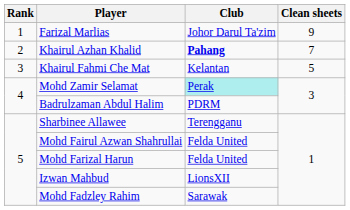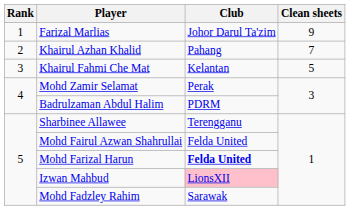 <table class="wikitable" style="text-align:center">
 <tr>
 <th>Rank</th>
 <th>Player</th>
 <th>Club</th>
 <th>Clean sheets</th>
 </tr>
 <tr>
 <td rowspan=1>1</td>
 <td align="left"> <a href='#'>Farizal Marlias</a></td>
 <td align="left"><a href='#'>Johor Darul Ta'zim</a></td>
 <td rowspan=1>9</td>
 </tr>
 <tr>
 <td rowspan=1>2</td>
 <td align="left"> <a href='#'>Khairul Azhan Khalid</a></td>
-<td align="left"><strong><a href='#'>Pahang</a></strong></td>
+<td align="left"><a href='#'>Pahang</a></td>
 <td rowspan=1>7</td>
 </tr>
 <tr>
 <td rowspan=1>3</td>
 <td align="left"> <a href='#'>Khairul Fahmi Che Mat</a></td>
 <td align="left"><a href='#'>Kelantan</a></td>
 <td rowspan=1>5</td>
 </tr>
 <tr>
 <td rowspan=2>4</td>
 <td align="left"> <a href='#'>Mohd Zamir Selamat</a></td>
-<td align="left" style="background: paleturquoise;"><a href='#'>Perak</a></td>
+<td align="left"><a href='#'>Perak</a></td>
 <td rowspan=2>3</td>
 </tr>
 <tr>
 <td align="left"> <a href='#'>Badrulzaman Abdul Halim</a></td>
 <td align="left"><a href='#'>PDRM</a></td>
 </tr>
 <tr>
 <td rowspan=5>5</td>
 <td align="left"> <a href='#'>Sharbinee Allawee</a></td>
 <td align="left"><a href='#'>Terengganu</a></td>
 <td rowspan=5>1</td>
 </tr>
 <tr>
 <td align="left"> <a href='#'>Mohd Fairul Azwan Shahrullai</a></td>
 <td align="left"><a href='#'>Felda United</a></td>
 </tr>
 <tr>
 <td align="left"> <a href='#'>Mohd Farizal Harun</a></td>
-<td align="left"><a href='#'>Felda United</a></td>
+<td align="left"><strong><a href='#'>Felda United</a></strong></td>
 </tr>
 <tr>
 <td align="left"> <a href='#'>Izwan Mahbud</a></td>
-<td align="left"><a href='#'>LionsXII</a></td>
+<td align="left" style="background: pink;"><a href='#'>LionsXII</a></td>
 </tr>
 <tr>
 <td align="left"> <a href='#'>Mohd Fadzley Rahim</a></td>
 <td align="left"><a href='#'>Sarawak</a></td>
 </tr>
 </table>
